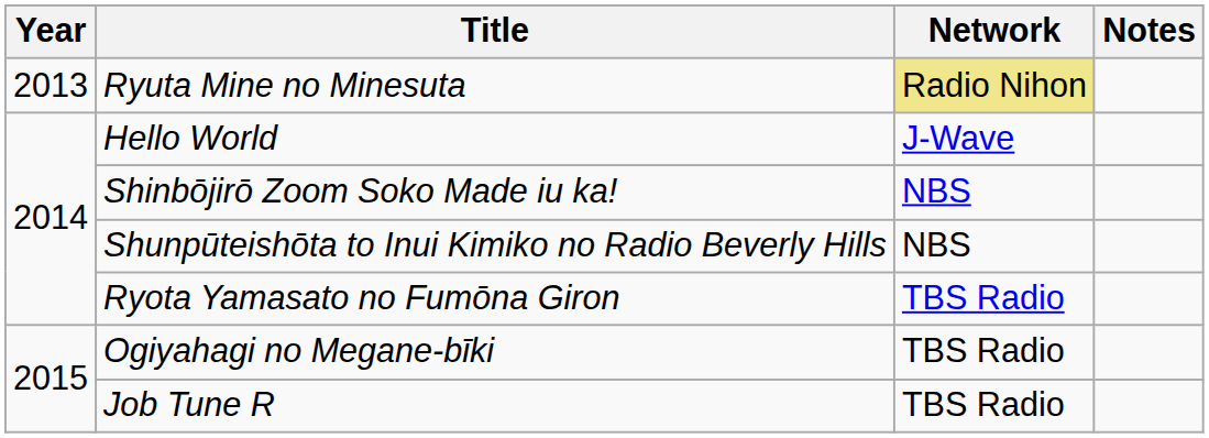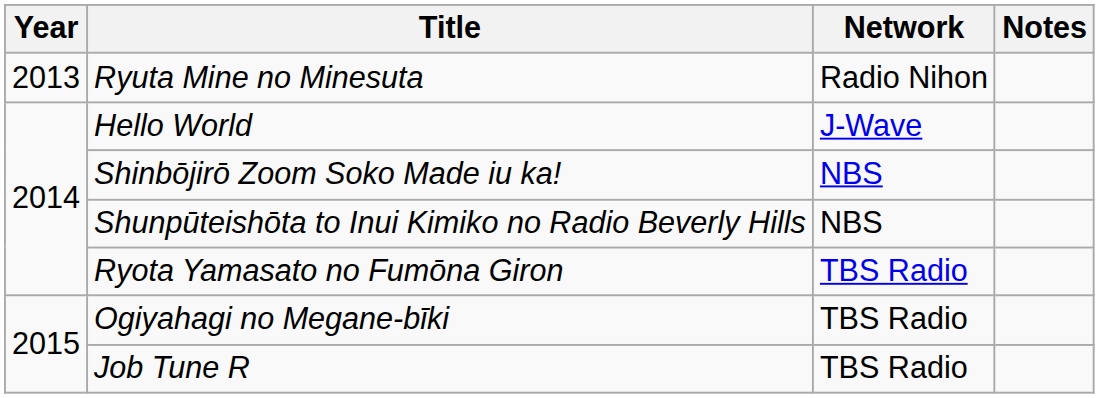 <table class="wikitable">
 <tr>
 <th>Year</th>
 <th>Title</th>
 <th>Network</th>
 <th>Notes</th>
 </tr>
 <tr>
 <td>2013</td>
 <td><em>Ryuta Mine no Minesuta</em></td>
-<td style="background: khaki;">Radio Nihon</td>
+<td>Radio Nihon</td>
 <td></td>
 </tr>
 <tr>
 <td rowspan="4">2014</td>
 <td><em>Hello World</em></td>
 <td><a href='#'>J-Wave</a></td>
 <td></td>
 </tr>
 <tr>
 <td><em>Shinbōjirō Zoom Soko Made iu ka!</em></td>
 <td><a href='#'>NBS</a></td>
 <td></td>
 </tr>
 <tr>
 <td><em>Shunpūteishōta to Inui Kimiko no Radio Beverly Hills</em></td>
 <td>NBS</td>
 <td></td>
 </tr>
 <tr>
 <td><em>Ryota Yamasato no Fumōna Giron</em></td>
 <td><a href='#'>TBS Radio</a></td>
 <td></td>
 </tr>
 <tr>
 <td rowspan="2">2015</td>
 <td><em>Ogiyahagi no Megane-bīki</em></td>
 <td>TBS Radio</td>
 <td></td>
 </tr>
 <tr>
 <td><em>Job Tune R</em></td>
 <td>TBS Radio</td>
 <td></td>
 </tr>
 </table>
